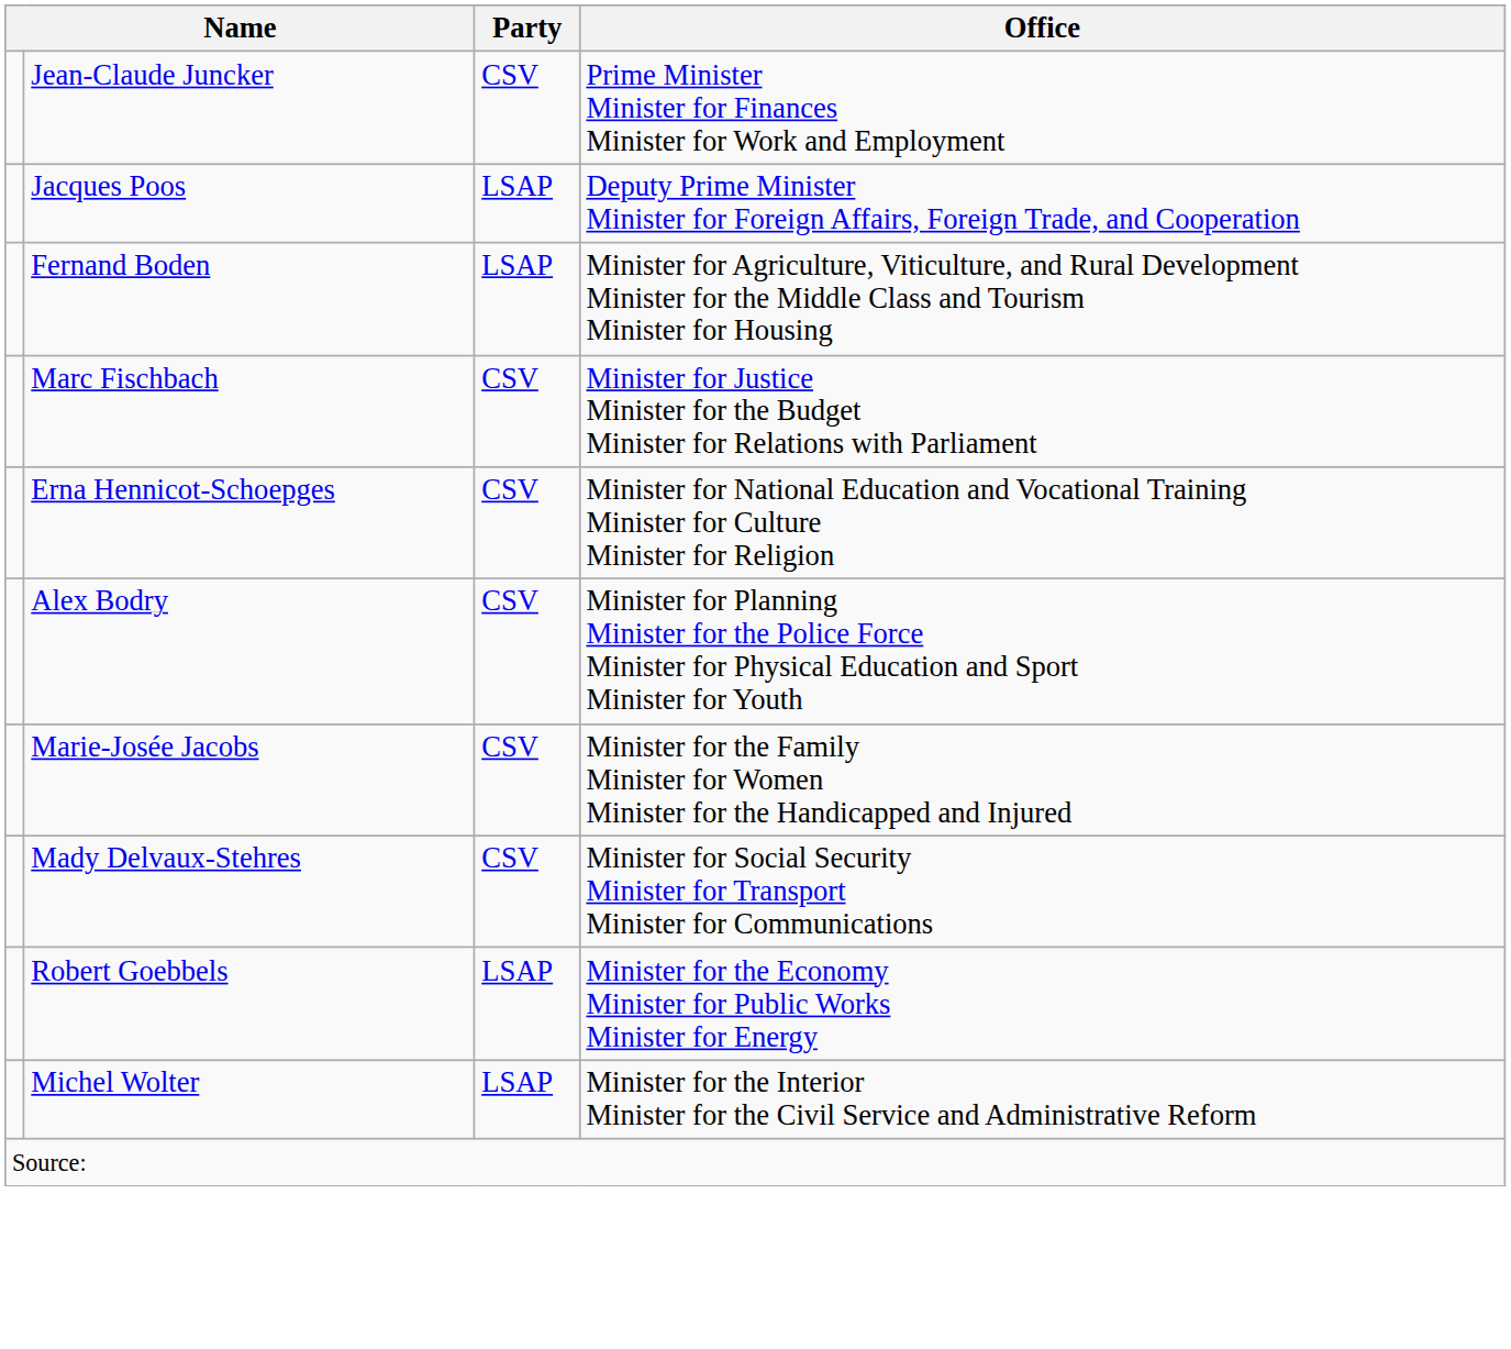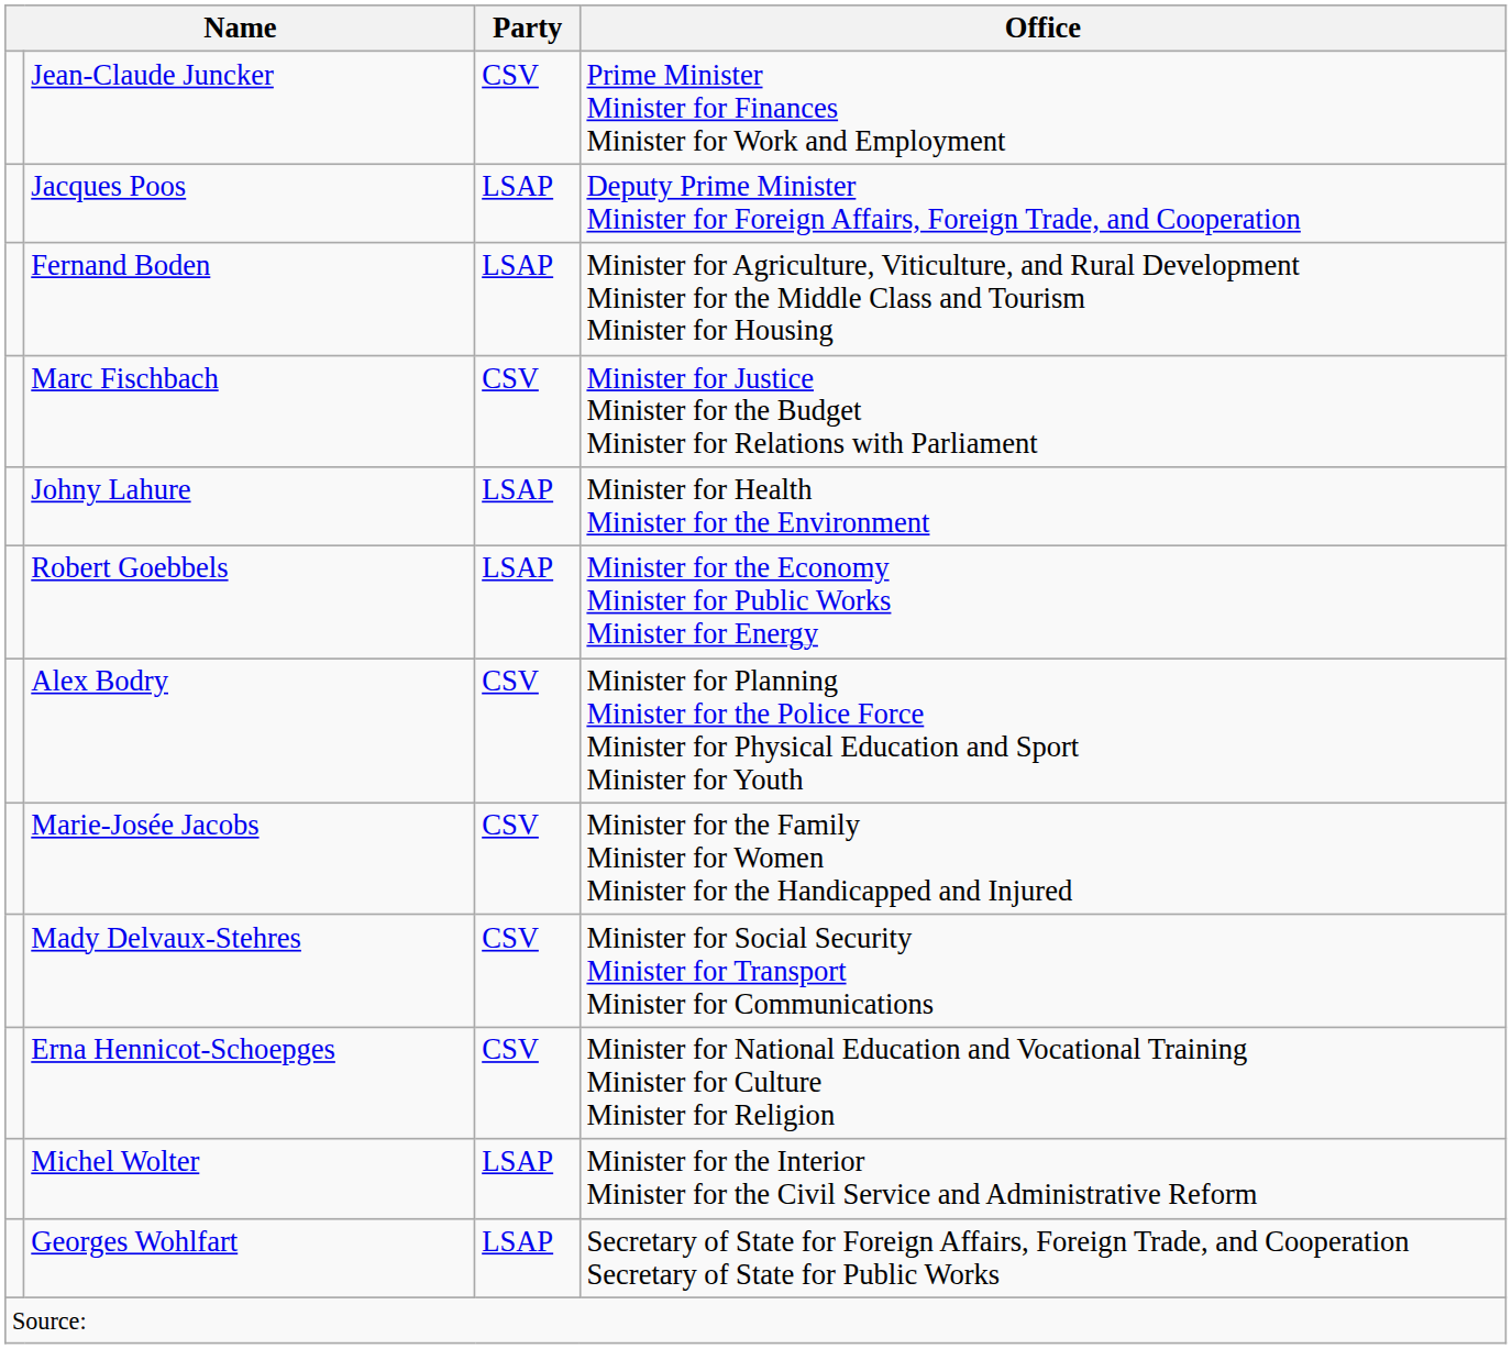 <table class="wikitable">
 <tr>
 <th colspan=2 width=250px>Name</th>
 <th width=50px>Party</th>
 <th width=500px>Office</th>
 </tr>
 <tr>
 <td style="background-color: "></td>
 <td valign=top><a href='#'>Jean-Claude Juncker</a></td>
 <td valign=top><a href='#'>CSV</a></td>
 <td><a href='#'>Prime Minister</a> <br> <a href='#'>Minister for Finances</a> <br> Minister for Work and Employment</td>
 </tr>
 <tr>
 <td style="background-color: "></td>
 <td valign=top><a href='#'>Jacques Poos</a></td>
 <td valign=top><a href='#'>LSAP</a></td>
 <td><a href='#'>Deputy Prime Minister</a> <br> <a href='#'>Minister for Foreign Affairs, Foreign Trade, and Cooperation</a></td>
 </tr>
 <tr>
 <td style="background-color: "></td>
 <td valign=top><a href='#'>Fernand Boden</a></td>
 <td valign=top><a href='#'>LSAP</a></td>
 <td>Minister for Agriculture, Viticulture, and Rural Development <br> Minister for the Middle Class and Tourism <br> Minister for Housing</td>
 </tr>
 <tr>
 <td style="background-color: "></td>
 <td valign=top><a href='#'>Marc Fischbach</a></td>
 <td valign=top><a href='#'>CSV</a></td>
 <td><a href='#'>Minister for Justice</a> <br> Minister for the Budget <br> Minister for Relations with Parliament</td>
 </tr>
 <tr>
 <td style="background-color: "></td>
-<td valign=top><a href='#'>Erna Hennicot-Schoepges</a></td>
-<td valign=top><a href='#'>CSV</a></td>
-<td>Minister for National Education and Vocational Training <br> Minister for Culture <br> Minister for Religion</td>
+<td valign=top><a href='#'>Johny Lahure</a></td>
+<td valign=top><a href='#'>LSAP</a></td>
+<td>Minister for Health <br> <a href='#'>Minister for the Environment</a></td>
+</tr>
+<tr>
+<td style="background-color: "></td>
+<td valign=top><a href='#'>Robert Goebbels</a></td>
+<td valign=top><a href='#'>LSAP</a></td>
+<td><a href='#'>Minister for the Economy</a> <br> <a href='#'>Minister for Public Works</a> <br> <a href='#'>Minister for Energy</a></td>
 </tr>
 <tr>
 <td style="background-color: "></td>
 <td valign=top><a href='#'>Alex Bodry</a></td>
 <td valign=top><a href='#'>CSV</a></td>
 <td>Minister for Planning <br> <a href='#'>Minister for the Police Force</a> <br> Minister for Physical Education and Sport <br> Minister for Youth</td>
 </tr>
 <tr>
 <td style="background-color: "></td>
 <td valign=top><a href='#'>Marie-Josée Jacobs</a></td>
 <td valign=top><a href='#'>CSV</a></td>
 <td>Minister for the Family <br> Minister for Women <br> Minister for the Handicapped and Injured</td>
 </tr>
 <tr>
 <td style="background-color: "></td>
 <td valign=top><a href='#'>Mady Delvaux-Stehres</a></td>
 <td valign=top><a href='#'>CSV</a></td>
 <td>Minister for Social Security <br> <a href='#'>Minister for Transport</a> <br> Minister for Communications</td>
 </tr>
 <tr>
 <td style="background-color: "></td>
-<td valign=top><a href='#'>Robert Goebbels</a></td>
-<td valign=top><a href='#'>LSAP</a></td>
-<td><a href='#'>Minister for the Economy</a> <br> <a href='#'>Minister for Public Works</a> <br> <a href='#'>Minister for Energy</a></td>
+<td valign=top><a href='#'>Erna Hennicot-Schoepges</a></td>
+<td valign=top><a href='#'>CSV</a></td>
+<td>Minister for National Education and Vocational Training <br> Minister for Culture <br> Minister for Religion</td>
 </tr>
 <tr>
 <td style="background-color: "></td>
 <td valign=top><a href='#'>Michel Wolter</a></td>
 <td valign=top><a href='#'>LSAP</a></td>
 <td>Minister for the Interior <br> Minister for the Civil Service and Administrative Reform</td>
 </tr>
 <tr>
+<td style="background-color: "></td>
+<td valign=top><a href='#'>Georges Wohlfart</a></td>
+<td valign=top><a href='#'>LSAP</a></td>
+<td>Secretary of State for Foreign Affairs, Foreign Trade, and Cooperation <br> Secretary of State for Public Works</td>
+</tr>
+<tr>
 <td colspan=4><small>Source: </small></td>
 </tr>
 </table>
